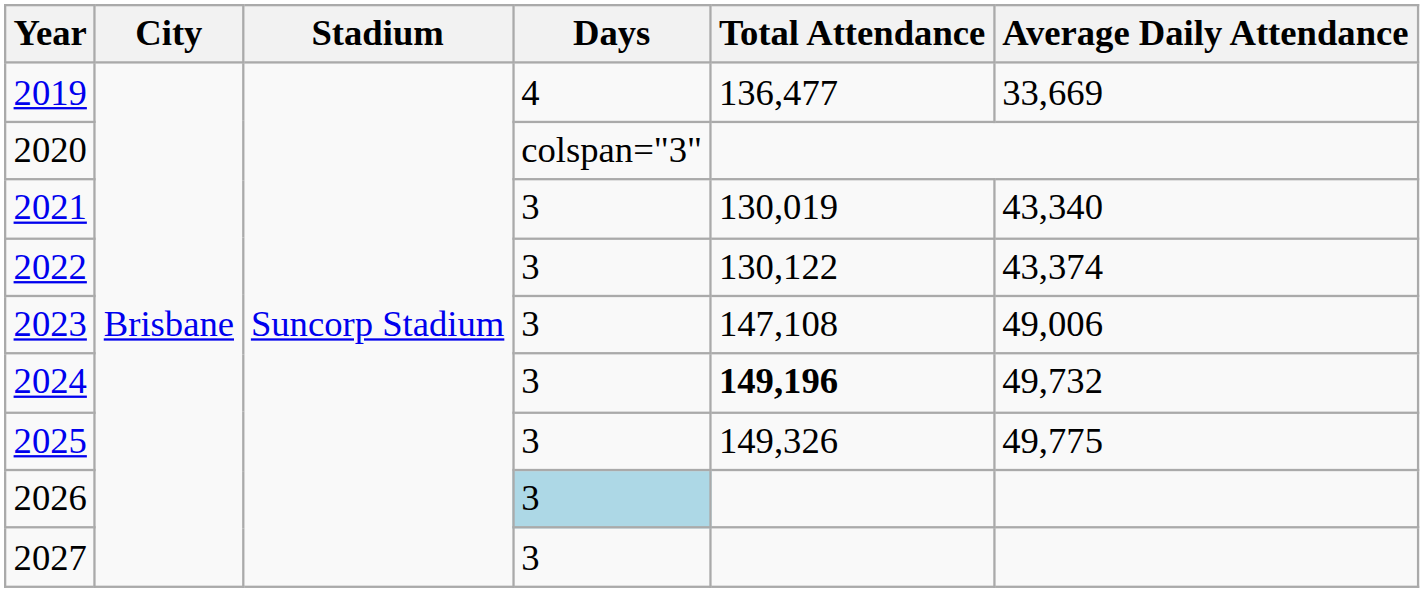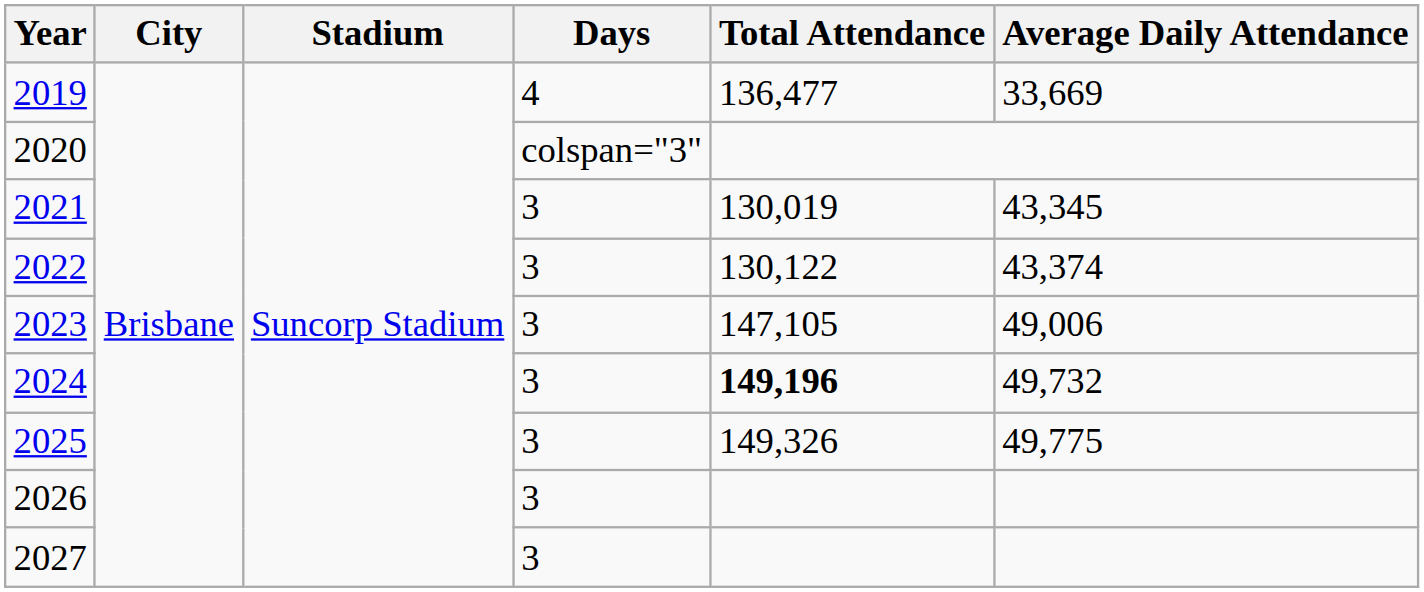 <table class="wikitable">
 <tr>
 <th>Year</th>
 <th>City</th>
 <th>Stadium</th>
 <th>Days</th>
 <th>Total Attendance</th>
 <th>Average Daily Attendance</th>
 </tr>
 <tr>
 <td><a href='#'>2019</a></td>
 <td rowspan="9"><a href='#'>Brisbane</a></td>
 <td rowspan="9"><a href='#'>Suncorp Stadium</a></td>
 <td>4</td>
 <td>136,477</td>
 <td>33,669</td>
 </tr>
 <tr>
 <td>2020</td>
 <td>colspan="3" </td>
 </tr>
 <tr>
 <td><a href='#'>2021</a></td>
 <td>3</td>
 <td> 130,019</td>
-<td> 43,340</td>
+<td> 43,345</td>
 </tr>
 <tr>
 <td><a href='#'>2022</a></td>
 <td>3</td>
 <td> 130,122</td>
 <td> 43,374</td>
 </tr>
 <tr>
 <td><a href='#'>2023</a></td>
 <td>3</td>
-<td> 147,108</td>
+<td> 147,105</td>
 <td> 49,006</td>
 </tr>
 <tr>
 <td><a href='#'>2024</a></td>
 <td>3</td>
 <td><strong> 149,196</strong></td>
 <td> 49,732</td>
 </tr>
 <tr>
 <td><a href='#'>2025</a></td>
 <td>3</td>
 <td> 149,326</td>
 <td> 49,775</td>
 </tr>
 <tr>
 <td>2026</td>
-<td style="background: lightblue;">3</td>
+<td>3</td>
 <td></td>
 <td></td>
 </tr>
 <tr>
 <td>2027</td>
 <td>3</td>
 <td></td>
 <td></td>
 </tr>
 </table>
